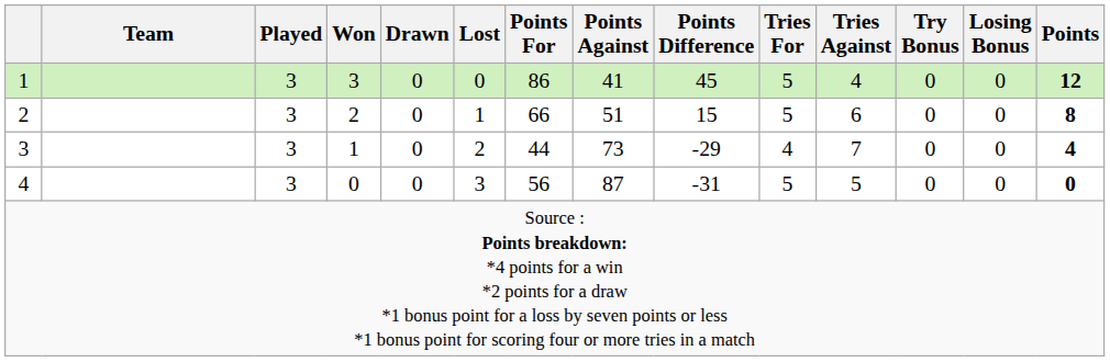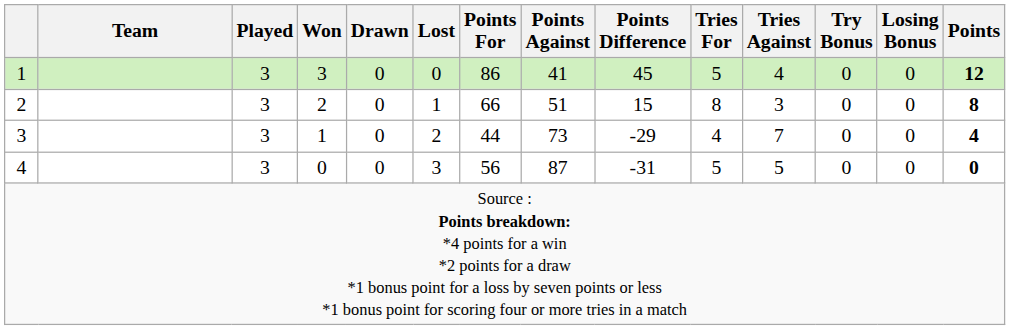 <table class="wikitable" style="text-align: center;">
 <tr>
 <th bgcolor="#efefef" width="20"></th>
 <th bgcolor="#efefef" width="150">Team</th>
 <th bgcolor="#efefef" width="20">Played</th>
 <th bgcolor="#efefef" width="20">Won</th>
 <th bgcolor="#efefef" width="20">Drawn</th>
 <th bgcolor="#efefef" width="20">Lost</th>
 <th bgcolor="#efefef" width="20">Points For</th>
 <th bgcolor="#efefef" width="20">Points Against</th>
 <th bgcolor="#efefef" width="20">Points Difference</th>
 <th bgcolor="#efefef" width="20">Tries For</th>
 <th bgcolor="#efefef" width="20">Tries Against</th>
 <th bgcolor="#efefef" width="20">Try Bonus</th>
 <th bgcolor="#efefef" width="20">Losing Bonus</th>
 <th bgcolor="#efefef" width="20">Points<br></th>
 </tr>
 <tr bgcolor=#D0F0C0 align=center>
 <td>1</td>
 <td align=left></td>
 <td>3</td>
 <td>3</td>
 <td>0</td>
 <td>0</td>
 <td>86</td>
 <td>41</td>
 <td>45</td>
 <td>5</td>
 <td>4</td>
 <td>0</td>
 <td>0</td>
 <td><strong>12</strong></td>
 </tr>
 <tr bgcolor=#FFFFFF align=center>
 <td>2</td>
 <td align=left></td>
 <td>3</td>
 <td>2</td>
 <td>0</td>
 <td>1</td>
 <td>66</td>
 <td>51</td>
 <td>15</td>
-<td>5</td>
-<td>6</td>
+<td>8</td>
+<td>3</td>
 <td>0</td>
 <td>0</td>
 <td><strong>8</strong></td>
 </tr>
 <tr bgcolor=#FFFFFF align=center>
 <td>3</td>
 <td align=left></td>
 <td>3</td>
 <td>1</td>
 <td>0</td>
 <td>2</td>
 <td>44</td>
 <td>73</td>
 <td>-29</td>
 <td>4</td>
 <td>7</td>
 <td>0</td>
 <td>0</td>
 <td><strong>4</strong></td>
 </tr>
 <tr bgcolor=#FFFFFF align=center>
 <td>4</td>
 <td align=left></td>
 <td>3</td>
 <td>0</td>
 <td>0</td>
 <td>3</td>
 <td>56</td>
 <td>87</td>
 <td>-31</td>
 <td>5</td>
 <td>5</td>
 <td>0</td>
 <td>0</td>
 <td><strong>0</strong></td>
 </tr>
 <tr |align=left|>
 <td colspan="14" style="border:0px"><small>Source : <br><strong>Points breakdown:</strong><br>*4 points for a win<br>*2 points for a draw<br>*1 bonus point for a loss by seven points or less<br>*1 bonus point for scoring four or more tries in a match</small></td>
 </tr>
 </table>
